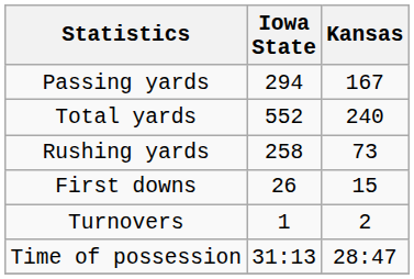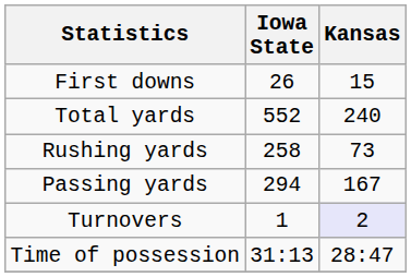 <table class="wikitable">
 <tr>
 <th>Statistics</th>
 <th>Iowa<br>State</th>
 <th>Kansas</th>
 </tr>
 <tr align="center">
-<td>Passing yards</td>
-<td>294</td>
-<td>167</td>
+<td>First downs</td>
+<td>26</td>
+<td>15</td>
 </tr>
 <tr align="center">
 <td>Total yards</td>
 <td>552</td>
 <td>240</td>
 </tr>
 <tr align="center">
 <td>Rushing yards</td>
 <td>258</td>
 <td>73</td>
 </tr>
 <tr align="center">
-<td>First downs</td>
-<td>26</td>
-<td>15</td>
+<td>Passing yards</td>
+<td>294</td>
+<td>167</td>
 </tr>
 <tr align="center">
 <td>Turnovers</td>
 <td>1</td>
-<td>2</td>
+<td style="background: lavender;">2</td>
 </tr>
 <tr align="center">
 <td>Time of possession</td>
 <td>31:13</td>
 <td>28:47</td>
 </tr>
 <tr>
 </tr>
 </table>
